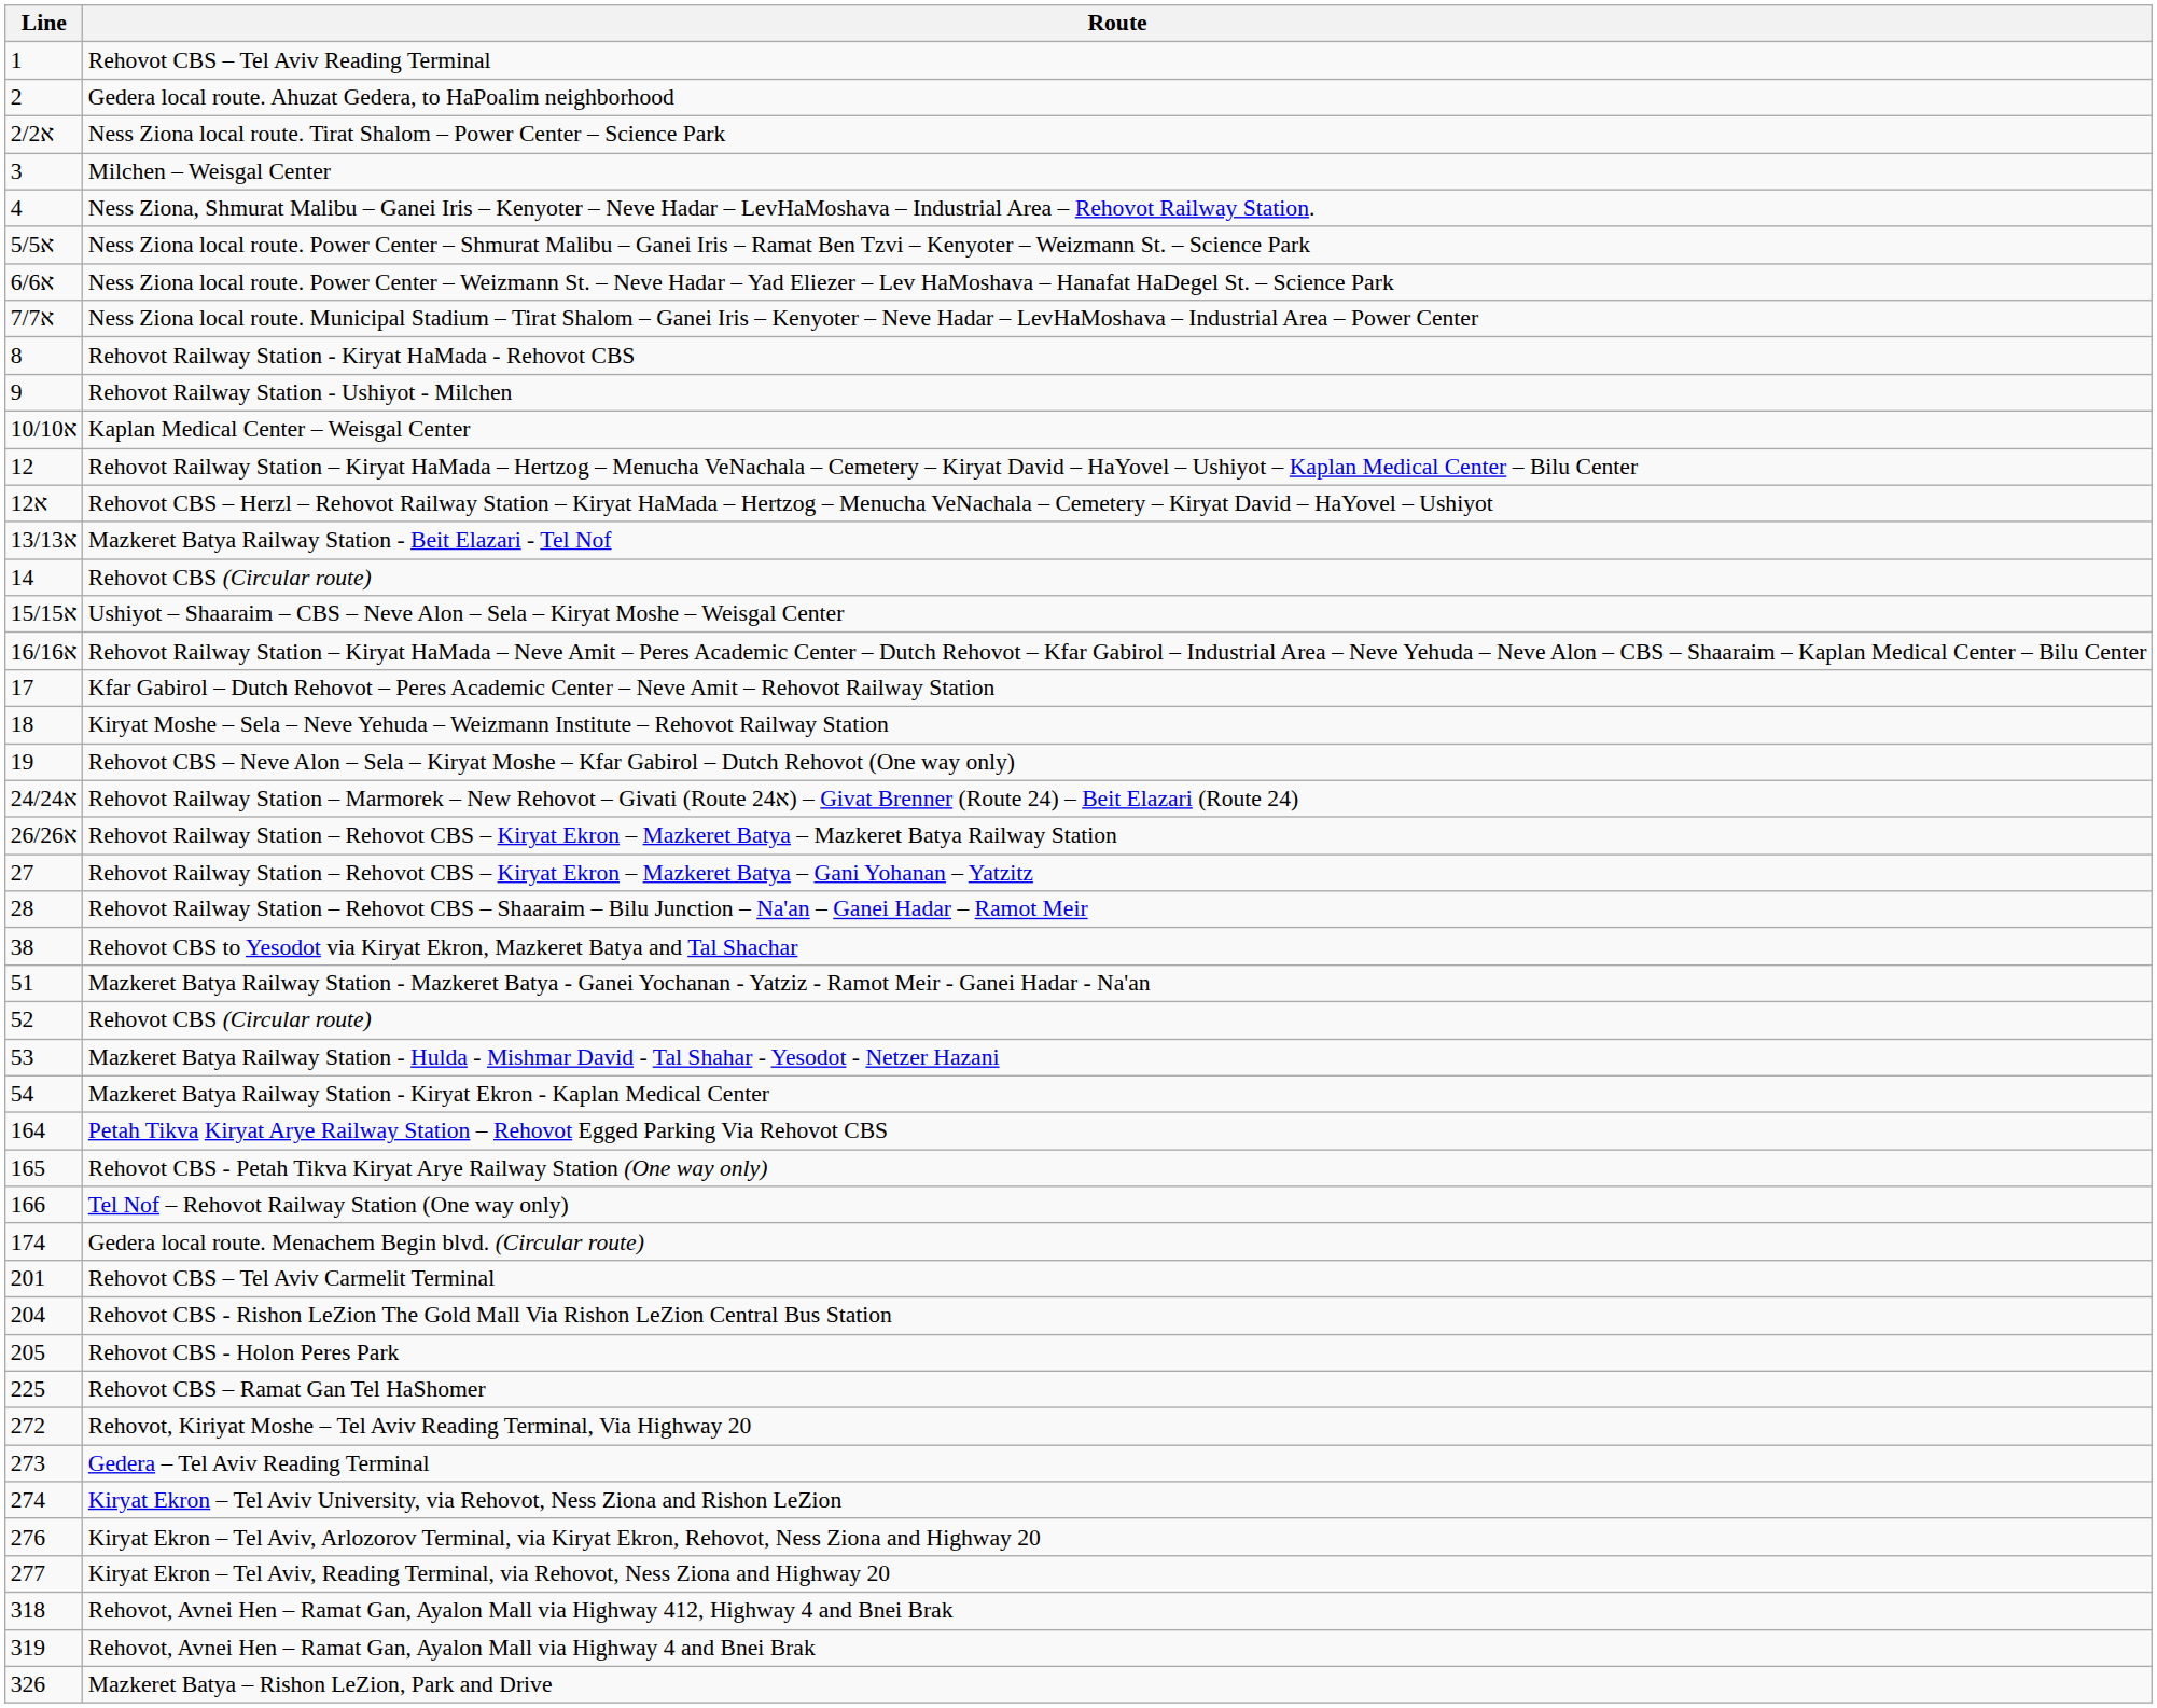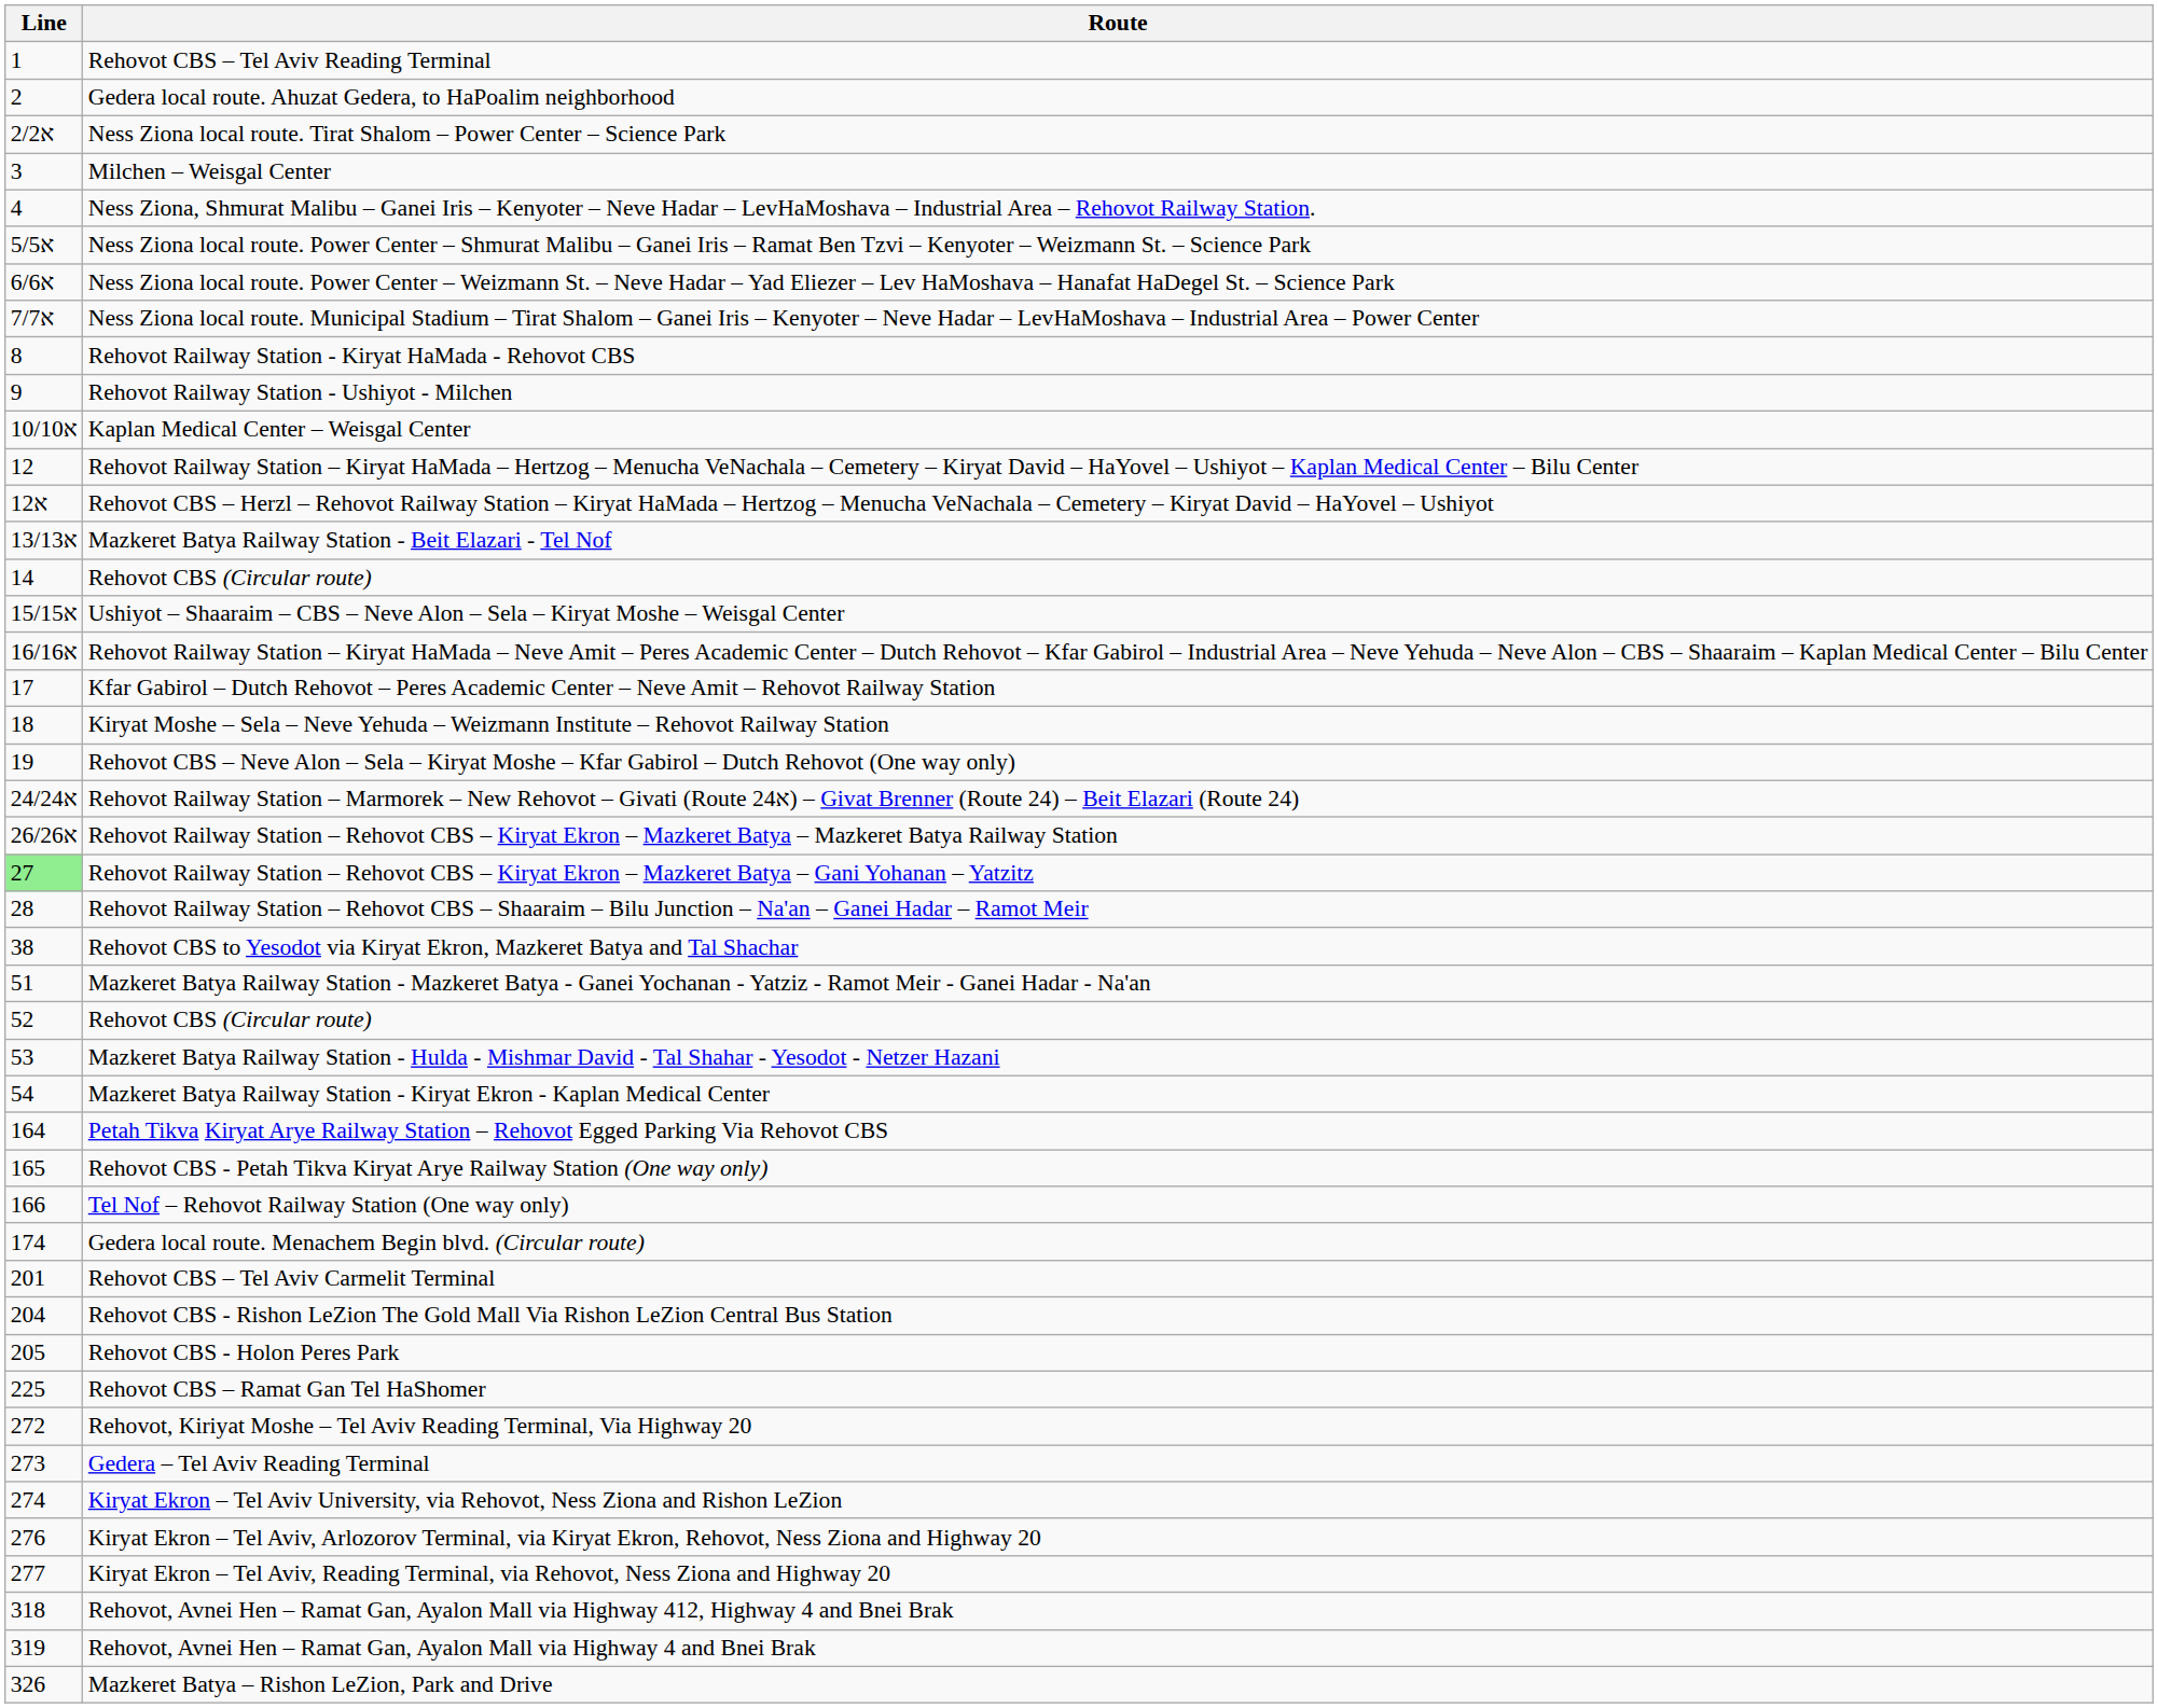 <table class="wikitable">
 <tr>
 <th>Line</th>
 <th>Route</th>
 </tr>
 <tr>
 <td>1</td>
 <td>Rehovot CBS – Tel Aviv Reading Terminal</td>
 </tr>
 <tr>
 <td>2</td>
 <td>Gedera local route. Ahuzat Gedera, to HaPoalim neighborhood</td>
 </tr>
 <tr>
 <td>2/2א</td>
 <td>Ness Ziona local route. Tirat Shalom – Power Center – Science Park</td>
 </tr>
 <tr>
 <td>3</td>
 <td>Milchen – Weisgal Center</td>
 </tr>
 <tr>
 <td>4</td>
 <td>Ness Ziona, Shmurat Malibu – Ganei Iris – Kenyoter – Neve Hadar – LevHaMoshava – Industrial Area – <a href='#'>Rehovot Railway Station</a>.</td>
 </tr>
 <tr>
 <td>5/5א</td>
 <td>Ness Ziona local route. Power Center – Shmurat Malibu – Ganei Iris  – Ramat Ben Tzvi – Kenyoter – Weizmann St. – Science Park</td>
 </tr>
 <tr>
 <td>6/6א</td>
 <td>Ness Ziona local route. Power Center  – Weizmann St. – Neve Hadar – Yad Eliezer – Lev HaMoshava – Hanafat HaDegel St. – Science Park</td>
 </tr>
 <tr>
 <td>7/7א</td>
 <td>Ness Ziona local route. Municipal Stadium – Tirat Shalom – Ganei Iris – Kenyoter – Neve Hadar – LevHaMoshava – Industrial Area – Power Center</td>
 </tr>
 <tr>
 <td>8</td>
 <td>Rehovot Railway Station - Kiryat HaMada - Rehovot CBS</td>
 </tr>
 <tr>
 <td>9</td>
 <td>Rehovot Railway Station - Ushiyot - Milchen</td>
 </tr>
 <tr>
 <td>10/10א</td>
 <td>Kaplan Medical Center – Weisgal Center</td>
 </tr>
 <tr>
 <td>12</td>
 <td>Rehovot Railway Station – Kiryat HaMada – Hertzog – Menucha VeNachala – Cemetery – Kiryat David – HaYovel – Ushiyot – <a href='#'>Kaplan Medical Center</a> – Bilu Center</td>
 </tr>
 <tr>
 <td>12א</td>
 <td>Rehovot CBS – Herzl – Rehovot Railway Station – Kiryat HaMada – Hertzog – Menucha VeNachala – Cemetery – Kiryat David – HaYovel – Ushiyot</td>
 </tr>
 <tr>
 <td>13/13א</td>
 <td>Mazkeret Batya Railway Station - <a href='#'>Beit Elazari</a> - <a href='#'>Tel Nof</a></td>
 </tr>
 <tr>
 <td>14</td>
 <td>Rehovot CBS <em>(Circular route)</em></td>
 </tr>
 <tr>
 <td>15/15א</td>
 <td>Ushiyot – Shaaraim – CBS – Neve Alon – Sela – Kiryat Moshe – Weisgal Center</td>
 </tr>
 <tr>
 <td>16/16א</td>
 <td>Rehovot Railway Station – Kiryat HaMada – Neve Amit – Peres Academic Center – Dutch Rehovot – Kfar Gabirol – Industrial Area – Neve Yehuda – Neve Alon – CBS – Shaaraim – Kaplan Medical Center – Bilu Center</td>
 </tr>
 <tr>
 <td>17</td>
 <td>Kfar Gabirol – Dutch Rehovot – Peres Academic Center – Neve Amit – Rehovot Railway Station</td>
 </tr>
 <tr>
 <td>18</td>
 <td>Kiryat Moshe – Sela – Neve Yehuda – Weizmann Institute – Rehovot Railway Station</td>
 </tr>
 <tr>
 <td>19</td>
 <td>Rehovot CBS – Neve Alon – Sela – Kiryat Moshe – Kfar Gabirol – Dutch Rehovot (One way only)</td>
 </tr>
 <tr>
 <td>24/24א</td>
 <td>Rehovot Railway Station – Marmorek – New Rehovot – Givati (Route 24א) – <a href='#'>Givat Brenner</a> (Route 24) – <a href='#'>Beit Elazari</a> (Route 24)</td>
 </tr>
 <tr>
 <td>26/26א</td>
 <td>Rehovot Railway Station – Rehovot CBS – <a href='#'>Kiryat Ekron</a> – <a href='#'>Mazkeret Batya</a> – Mazkeret Batya Railway Station</td>
 </tr>
 <tr>
-<td>27</td>
+<td style="background: lightgreen;">27</td>
 <td>Rehovot Railway Station – Rehovot CBS – <a href='#'>Kiryat Ekron</a> – <a href='#'>Mazkeret Batya</a> – <a href='#'>Gani Yohanan</a> – <a href='#'>Yatzitz</a></td>
 </tr>
 <tr>
 <td>28</td>
 <td>Rehovot Railway Station – Rehovot CBS – Shaaraim – Bilu Junction – <a href='#'>Na'an</a> – <a href='#'>Ganei Hadar</a> – <a href='#'>Ramot Meir</a></td>
 </tr>
 <tr>
 <td>38</td>
 <td>Rehovot CBS to <a href='#'>Yesodot</a> via Kiryat Ekron, Mazkeret Batya and <a href='#'>Tal Shachar</a></td>
 </tr>
 <tr>
 <td>51</td>
 <td>Mazkeret Batya Railway Station - Mazkeret Batya - Ganei Yochanan - Yatziz - Ramot Meir - Ganei Hadar - Na'an</td>
 </tr>
 <tr>
 <td>52</td>
 <td>Rehovot CBS <em>(Circular route)</em></td>
 </tr>
 <tr>
 <td>53</td>
 <td>Mazkeret Batya Railway Station - <a href='#'>Hulda</a> ‐ <a href='#'>Mishmar David</a> - <a href='#'>Tal Shahar</a> - <a href='#'>Yesodot</a> - <a href='#'>Netzer Hazani</a></td>
 </tr>
 <tr>
 <td>54</td>
 <td>Mazkeret Batya Railway Station - Kiryat Ekron - Kaplan Medical Center</td>
 </tr>
 <tr>
 <td>164</td>
 <td><a href='#'>Petah Tikva</a> <a href='#'>Kiryat Arye Railway Station</a> – <a href='#'>Rehovot</a> Egged Parking Via Rehovot CBS</td>
 </tr>
 <tr>
 <td>165</td>
 <td>Rehovot CBS - Petah Tikva Kiryat Arye Railway Station <em>(One way only)</em></td>
 </tr>
 <tr>
 <td>166</td>
 <td><a href='#'>Tel Nof</a> – Rehovot Railway Station (One way only)</td>
 </tr>
 <tr>
 <td>174</td>
 <td>Gedera local route. Menachem Begin blvd. <em>(Circular route)</em></td>
 </tr>
 <tr>
 <td>201</td>
 <td>Rehovot CBS – Tel Aviv Carmelit Terminal</td>
 </tr>
 <tr>
 <td>204</td>
 <td>Rehovot CBS - Rishon LeZion The Gold Mall Via Rishon LeZion Central Bus Station</td>
 </tr>
 <tr>
 <td>205</td>
 <td>Rehovot CBS - Holon Peres Park</td>
 </tr>
 <tr>
 <td>225</td>
 <td>Rehovot CBS – Ramat Gan Tel HaShomer</td>
 </tr>
 <tr>
 <td>272</td>
 <td>Rehovot, Kiriyat Moshe – Tel Aviv Reading Terminal, Via Highway 20</td>
 </tr>
 <tr>
 <td>273</td>
 <td><a href='#'>Gedera</a> – Tel Aviv Reading Terminal</td>
 </tr>
 <tr>
 <td>274</td>
 <td><a href='#'>Kiryat Ekron</a> – Tel Aviv University, via Rehovot, Ness Ziona and Rishon LeZion</td>
 </tr>
 <tr>
 <td>276</td>
 <td>Kiryat Ekron – Tel Aviv, Arlozorov Terminal, via Kiryat Ekron, Rehovot, Ness Ziona and Highway 20</td>
 </tr>
 <tr>
 <td>277</td>
 <td>Kiryat Ekron – Tel Aviv, Reading Terminal, via Rehovot, Ness Ziona and Highway 20</td>
 </tr>
 <tr>
 <td>318</td>
 <td>Rehovot, Avnei Hen – Ramat Gan, Ayalon Mall via Highway 412, Highway 4 and Bnei Brak</td>
 </tr>
 <tr>
 <td>319</td>
 <td>Rehovot, Avnei Hen – Ramat Gan, Ayalon Mall via Highway 4 and Bnei Brak</td>
 </tr>
 <tr>
 <td>326</td>
 <td>Mazkeret Batya  – Rishon LeZion, Park and Drive</td>
 </tr>
 </table>
